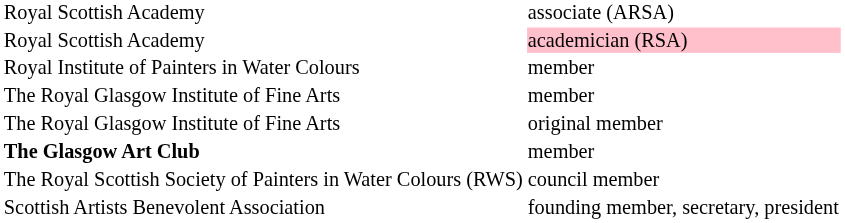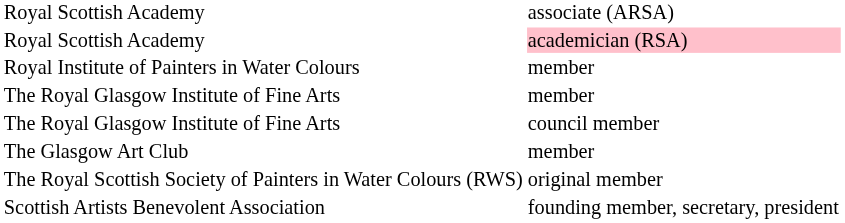 <table>
 <tr>
 <td>Royal Scottish Academy</td>
 <td>associate (ARSA)</td>
 </tr>
 <tr>
 <td>Royal Scottish Academy</td>
 <td style="background: pink;">academician (RSA)</td>
 </tr>
 <tr>
 <td>Royal Institute of Painters in Water Colours</td>
 <td>member</td>
 </tr>
 <tr>
 <td>The Royal Glasgow Institute of Fine Arts</td>
 <td>member</td>
 </tr>
 <tr>
 <td>The Royal Glasgow Institute of Fine Arts</td>
-<td>original member</td>
+<td>council member</td>
 </tr>
 <tr>
-<td><strong>The Glasgow Art Club</strong></td>
+<td>The Glasgow Art Club</td>
 <td>member</td>
 </tr>
 <tr>
 <td>The Royal Scottish Society of Painters in Water Colours (RWS)</td>
-<td>council member</td>
+<td>original member</td>
 </tr>
 <tr>
 <td>Scottish Artists Benevolent Association</td>
 <td>founding member, secretary, president</td>
 </tr>
 </table>
